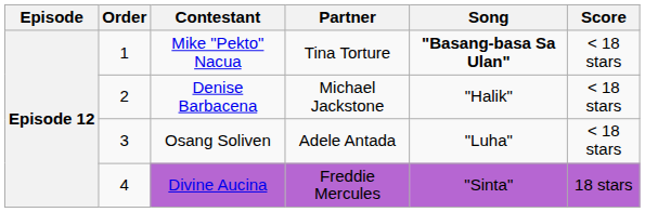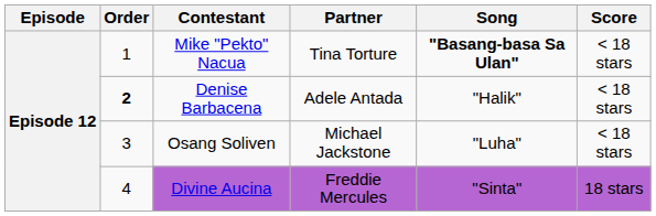 <table class="wikitable" style="text-align:center; width:100%;">
 <tr>
 <th>Episode</th>
 <th>Order</th>
 <th>Contestant</th>
 <th>Partner</th>
 <th>Song</th>
 <th>Score</th>
 </tr>
 <tr>
 <th rowspan=4>Episode 12<br></th>
 <td>1</td>
 <td><a href='#'>Mike "Pekto" Nacua</a></td>
 <td>Tina Torture</td>
 <td><strong>"Basang-basa Sa Ulan"</strong></td>
 <td>< 18 stars</td>
 </tr>
 <tr>
-<td>2</td>
+<td><strong>2</strong></td>
 <td><a href='#'>Denise Barbacena</a></td>
-<td>Michael Jackstone</td>
+<td>Adele Antada</td>
 <td>"Halik"</td>
 <td>< 18 stars</td>
 </tr>
 <tr>
 <td>3</td>
 <td>Osang Soliven</td>
-<td>Adele Antada</td>
+<td>Michael Jackstone</td>
 <td>"Luha"</td>
 <td>< 18 stars</td>
 </tr>
 <tr>
 <td>4</td>
 <td style="background:#B666D2;"><a href='#'>Divine Aucina</a></td>
 <td style="background:#B666D2;">Freddie Mercules</td>
 <td style="background:#B666D2;">"Sinta"</td>
 <td style="background:#B666D2;">18 stars</td>
 </tr>
 </table>
